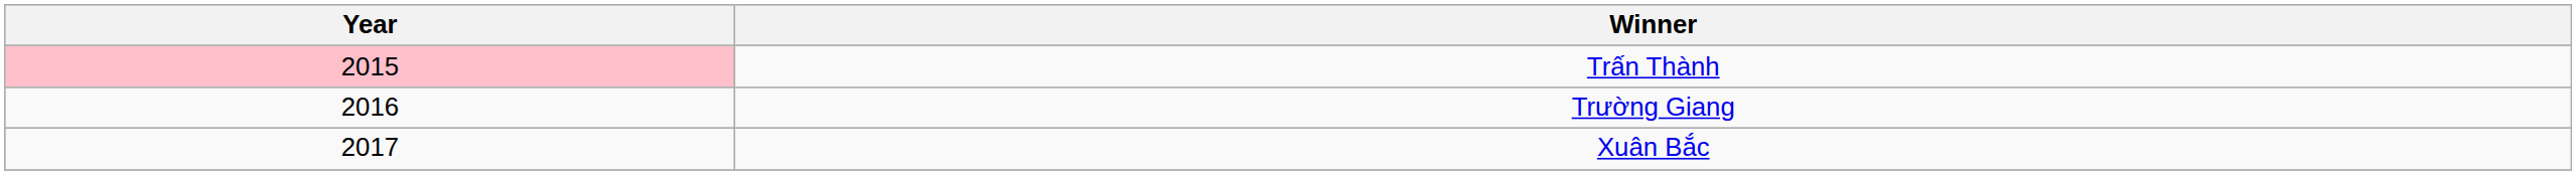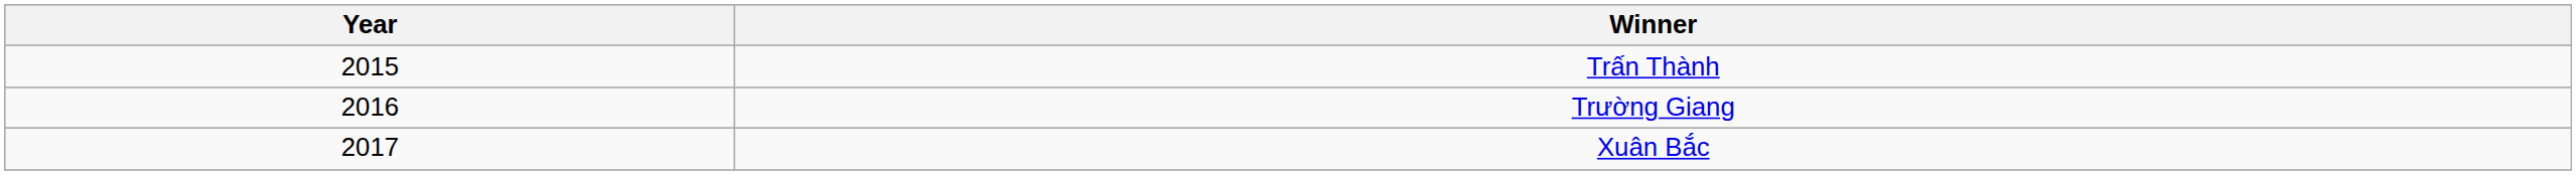 <table class="wikitable" style="text-align: center; width:100%">
 <tr>
 <th>Year</th>
 <th>Winner</th>
 </tr>
 <tr>
-<td style="background: pink;">2015</td>
+<td>2015</td>
 <td><a href='#'>Trấn Thành</a></td>
 </tr>
 <tr>
 <td>2016</td>
 <td><a href='#'>Trường Giang</a></td>
 </tr>
 <tr>
 <td>2017</td>
 <td><a href='#'>Xuân Bắc</a></td>
 </tr>
 </table>
